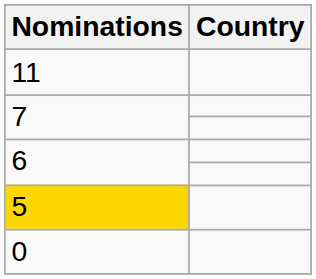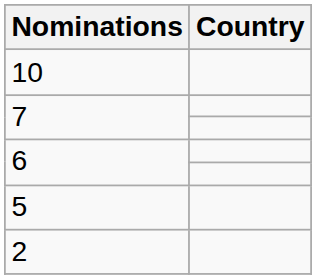 <table class="wikitable">
 <tr>
 <th scope="col" width="55">Nominations</th>
 <th scope="col" align="center">Country</th>
 </tr>
 <tr>
-<td>11</td>
+<td>10</td>
 <td></td>
 </tr>
 <tr>
 <td rowspan="2">7</td>
 <td></td>
 </tr>
 <tr>
 <td></td>
 </tr>
 <tr>
 <td rowspan="2">6</td>
 <td></td>
 </tr>
 <tr>
 <td></td>
 </tr>
 <tr>
-<td style="background: gold;">5</td>
+<td>5</td>
 <td></td>
 </tr>
 <tr>
-<td>0</td>
+<td>2</td>
 <td></td>
 </tr>
 </table>
